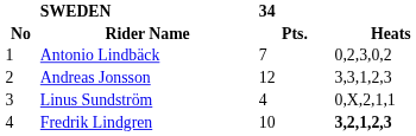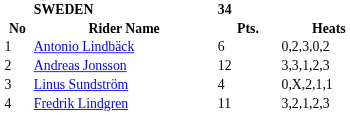 <table class="toccolours">
 <tr>
 <td></td>
 <td><strong>SWEDEN</strong></td>
 <td><strong>34</strong></td>
 </tr>
 <tr style="background-color:">
 <th width=30px>No</th>
 <th width=210px>Rider Name</th>
 <th width=70px>Pts.</th>
 <th width=110px>Heats</th>
 </tr>
 <tr style="background-color:">
 <td>1</td>
 <td><a href='#'>Antonio Lindbäck</a></td>
-<td>7</td>
+<td>6</td>
 <td>0,2,3,0,2</td>
 </tr>
 <tr style="background-color:">
 <td>2</td>
 <td><a href='#'>Andreas Jonsson</a></td>
 <td>12</td>
 <td>3,3,1,2,3</td>
 </tr>
 <tr style="background-color:">
 <td>3</td>
 <td><a href='#'>Linus Sundström</a></td>
 <td>4</td>
 <td>0,X,2,1,1</td>
 </tr>
 <tr style="background-color:">
 <td>4</td>
 <td><a href='#'>Fredrik Lindgren</a></td>
-<td>10</td>
-<td><strong>3,2,1,2,3</strong></td>
+<td>11</td>
+<td>3,2,1,2,3</td>
 </tr>
 </table>
